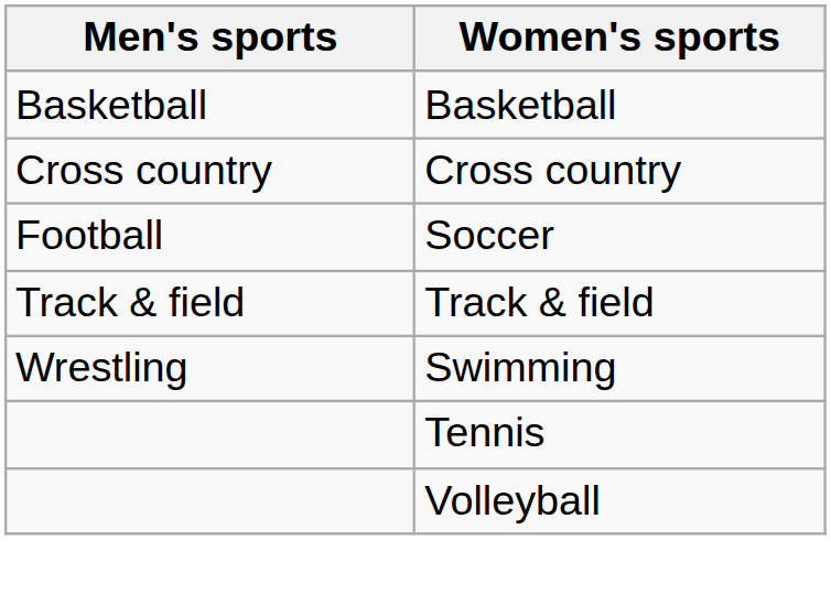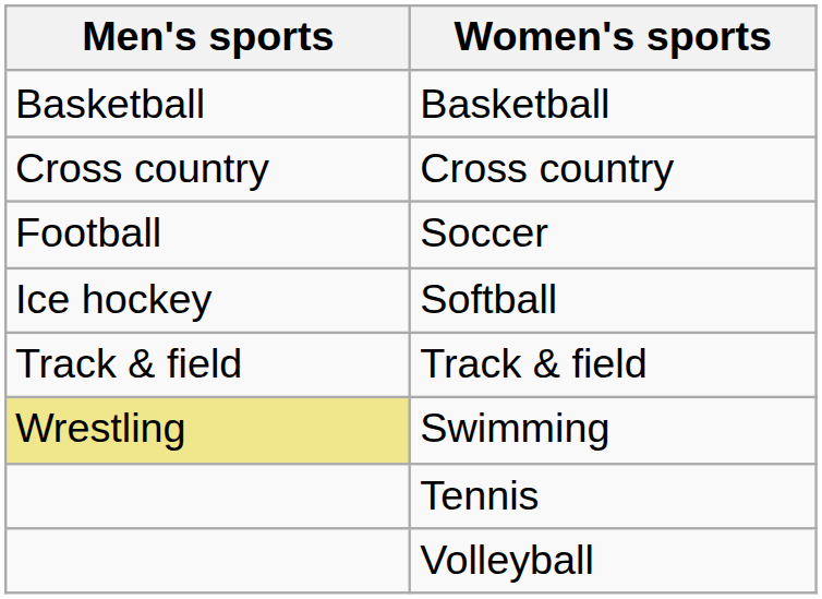 <table class="wikitable"; style= "text-align: ">
 <tr>
 <th width=150px>Men's sports</th>
 <th width=150px>Women's sports</th>
 </tr>
 <tr>
 <td>Basketball</td>
 <td>Basketball</td>
 </tr>
 <tr>
 <td>Cross country</td>
 <td>Cross country</td>
 </tr>
 <tr>
 <td>Football</td>
 <td>Soccer</td>
 </tr>
 <tr>
+<td>Ice hockey</td>
+<td>Softball</td>
+</tr>
+<tr>
 <td>Track & field</td>
 <td>Track & field</td>
 </tr>
 <tr>
-<td>Wrestling</td>
+<td style="background: khaki;">Wrestling</td>
 <td>Swimming</td>
 </tr>
 <tr>
 <td></td>
 <td>Tennis</td>
 </tr>
 <tr>
 <td></td>
 <td>Volleyball</td>
 </tr>
 </table>
